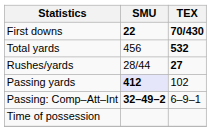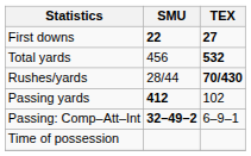 <table class="wikitable" style="float: left;">
 <tr>
 <th>Statistics</th>
 <th>SMU</th>
 <th>TEX</th>
 </tr>
 <tr>
 <td>First downs</td>
 <td><strong>22</strong></td>
-<td><strong>70/430</strong></td>
+<td><strong>27</strong></td>
 </tr>
 <tr>
 <td>Total yards</td>
 <td>456</td>
 <td><strong>532</strong></td>
 </tr>
 <tr>
 <td>Rushes/yards</td>
 <td>28/44</td>
-<td><strong>27</strong></td>
+<td><strong>70/430</strong></td>
 </tr>
 <tr>
 <td>Passing yards</td>
-<td style="background: lavender;"><strong>412</strong></td>
+<td><strong>412</strong></td>
 <td>102</td>
 </tr>
 <tr>
 <td>Passing: Comp–Att–Int</td>
 <td><strong>32–49–2</strong></td>
 <td>6–9–1</td>
 </tr>
 <tr>
 <td>Time of possession</td>
 <td></td>
 <td></td>
 </tr>
 <tr>
 </tr>
 </table>
